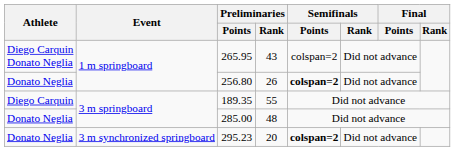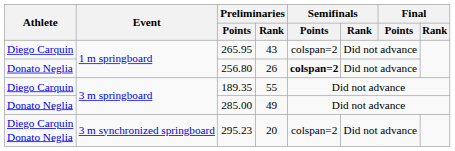 <table class=wikitable style="font-size:90%;">
 <tr>
 <th rowspan="2">Athlete</th>
 <th rowspan="2">Event</th>
 <th colspan="2">Preliminaries</th>
 <th colspan="2">Semifinals</th>
 <th colspan="2">Final</th>
 </tr>
 <tr style="font-size:95%">
 <th>Points</th>
 <th>Rank</th>
 <th>Points</th>
 <th>Rank</th>
 <th>Points</th>
 <th>Rank</th>
 </tr>
 <tr align=center>
-<td align=left><a href='#'>Diego Carquin</a><br><a href='#'>Donato Neglia</a></td>
+<td align=left><a href='#'>Diego Carquin</a></td>
 <td align=left rowspan=2><a href='#'>1 m springboard</a></td>
 <td>265.95</td>
 <td>43</td>
 <td>colspan=2 </td>
 <td colspan=2>Did not advance</td>
 </tr>
 <tr align=center>
 <td align=left><a href='#'>Donato Neglia</a></td>
 <td>256.80</td>
 <td>26</td>
 <td><strong>colspan=2 </strong></td>
 <td colspan=2>Did not advance</td>
 </tr>
 <tr align=center>
 <td align=left><a href='#'>Diego Carquin</a></td>
 <td align=left rowspan=2><a href='#'>3 m springboard</a></td>
 <td>189.35</td>
 <td>55</td>
 <td colspan=4>Did not advance</td>
 </tr>
 <tr align=center>
 <td align=left><a href='#'>Donato Neglia</a></td>
 <td>285.00</td>
-<td>48</td>
+<td>49</td>
 <td colspan=4>Did not advance</td>
 </tr>
 <tr align=center>
-<td align=left><a href='#'>Donato Neglia</a></td>
+<td align=left><a href='#'>Diego Carquin</a><br><a href='#'>Donato Neglia</a></td>
 <td align=left><a href='#'>3 m synchronized springboard</a></td>
 <td>295.23</td>
 <td>20</td>
-<td><strong>colspan=2 </strong></td>
+<td>colspan=2 </td>
 <td colspan=2>Did not advance</td>
 </tr>
 </table>
